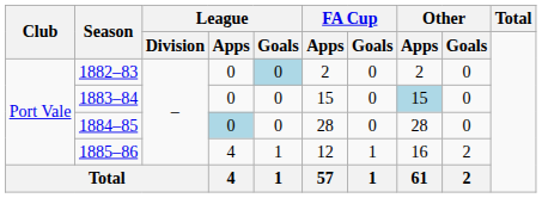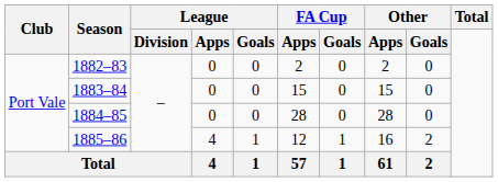 <table class="wikitable" style="text-align:center">
 <tr>
 <th rowspan="2">Club</th>
 <th rowspan="2">Season</th>
 <th colspan="3">League</th>
 <th colspan="2"><a href='#'>FA Cup</a></th>
 <th colspan="2">Other</th>
 <th colspan="2">Total</th>
 </tr>
 <tr>
 <th>Division</th>
 <th>Apps</th>
 <th>Goals</th>
 <th>Apps</th>
 <th>Goals</th>
 <th>Apps</th>
 <th>Goals</th>
 </tr>
 <tr>
 <td rowspan="4"><a href='#'>Port Vale</a></td>
 <td><a href='#'>1882–83</a></td>
 <td rowspan="4">–</td>
 <td>0</td>
-<td style="background: lightblue;">0</td>
+<td>0</td>
 <td>2</td>
 <td>0</td>
 <td>2</td>
 <td>0</td>
 </tr>
 <tr>
 <td><a href='#'>1883–84</a></td>
 <td>0</td>
 <td>0</td>
 <td>15</td>
 <td>0</td>
-<td style="background: lightblue;">15</td>
+<td>15</td>
 <td>0</td>
 </tr>
 <tr>
 <td><a href='#'>1884–85</a></td>
-<td style="background: lightblue;">0</td>
+<td>0</td>
 <td>0</td>
 <td>28</td>
 <td>0</td>
 <td>28</td>
 <td>0</td>
 </tr>
 <tr>
 <td><a href='#'>1885–86</a></td>
 <td>4</td>
 <td>1</td>
 <td>12</td>
 <td>1</td>
 <td>16</td>
 <td>2</td>
 </tr>
 <tr>
 <th colspan="3">Total</th>
 <th>4</th>
 <th>1</th>
 <th>57</th>
 <th>1</th>
 <th>61</th>
 <th>2</th>
 </tr>
 </table>
